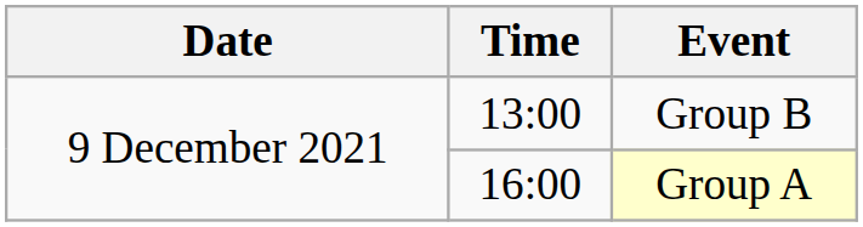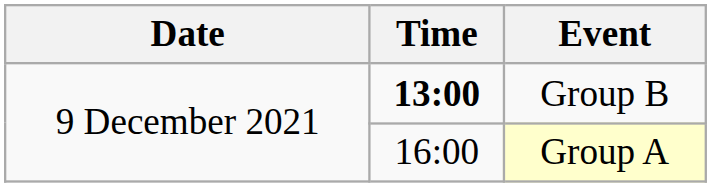 <table class = "wikitable" style="text-align:center;">
 <tr>
 <th width=150>Date</th>
 <th width=50>Time</th>
 <th width=80>Event</th>
 </tr>
 <tr>
 <td rowspan=2>9 December 2021</td>
-<td>13:00</td>
+<td><strong>13:00</strong></td>
 <td>Group B</td>
 </tr>
 <tr>
 <td>16:00</td>
 <td bgcolor=ffffcc>Group A</td>
 </tr>
 </table>
